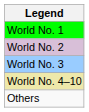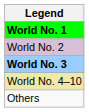 <table class="wikitable" style="font-size:90%">
 <tr>
 <th>Legend</th>
 </tr>
 <tr bgcolor="lime">
-<td>World No. 1</td>
+<td><strong>World No. 1</strong></td>
 </tr>
 <tr bgcolor="thistle">
 <td>World No. 2</td>
 </tr>
 <tr bgcolor="#9cf">
-<td>World No. 3</td>
+<td><strong>World No. 3</strong></td>
 </tr>
 <tr bgcolor="eee8aa">
 <td>World No. 4–10</td>
 </tr>
 <tr>
 <td>Others</td>
 </tr>
 </table>
